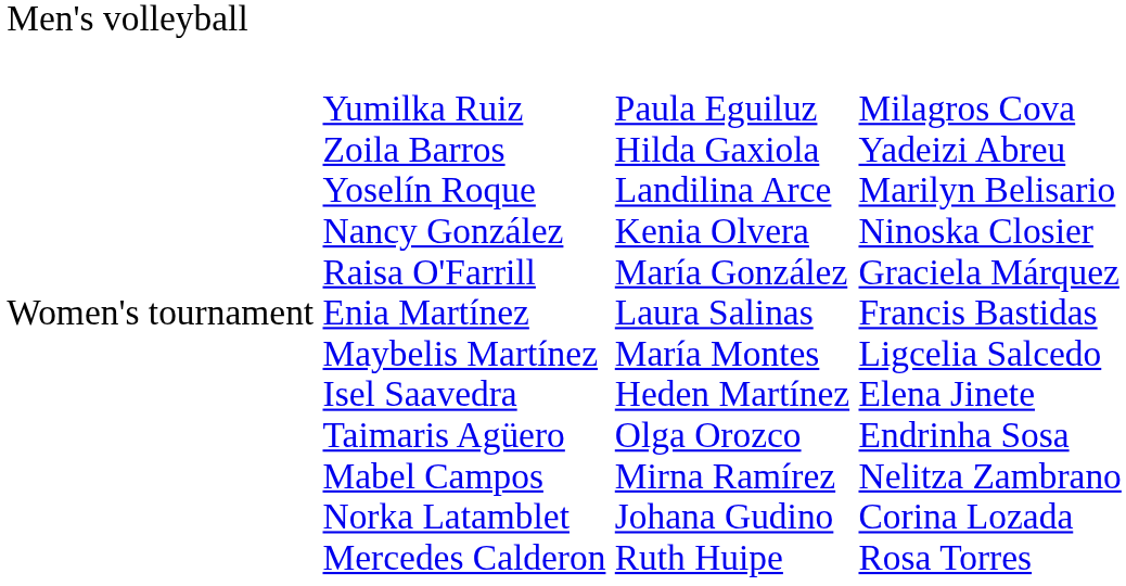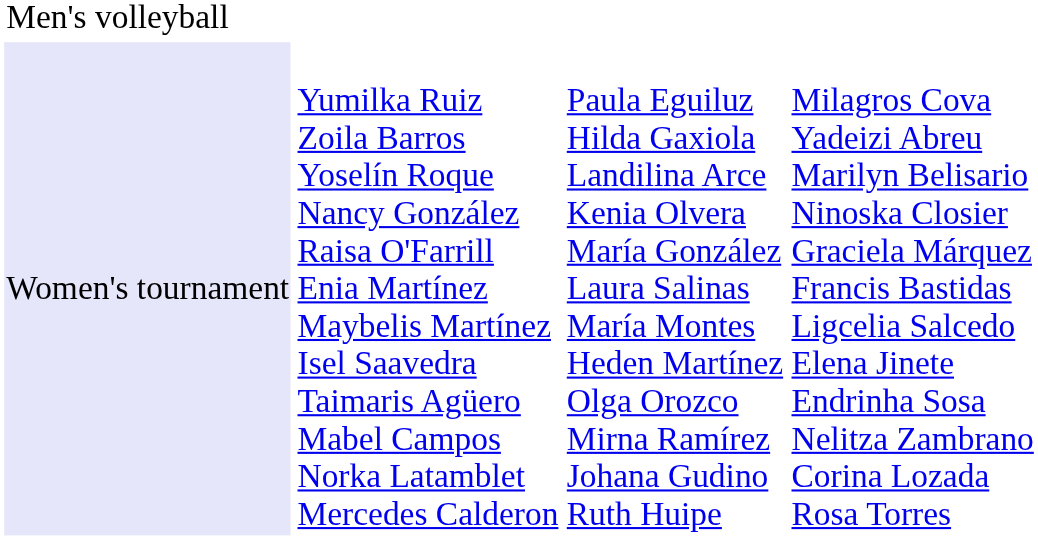 <table>
 <tr>
 <td>Men's volleyball</td>
 <td></td>
 <td></td>
 <td></td>
 </tr>
 <tr>
-<td>Women's tournament</td>
+<td style="background: lavender;">Women's tournament</td>
 <td><br><a href='#'>Yumilka Ruiz</a><br><a href='#'>Zoila Barros</a><br><a href='#'>Yoselín Roque</a><br><a href='#'>Nancy González</a><br><a href='#'>Raisa O'Farrill</a><br><a href='#'>Enia Martínez</a><br><a href='#'>Maybelis Martínez</a><br><a href='#'>Isel Saavedra</a><br><a href='#'>Taimaris Agüero</a><br><a href='#'>Mabel Campos</a><br><a href='#'>Norka Latamblet</a><br><a href='#'>Mercedes Calderon</a></td>
 <td><br><a href='#'>Paula Eguiluz</a><br><a href='#'>Hilda Gaxiola</a><br><a href='#'>Landilina Arce</a><br><a href='#'>Kenia Olvera</a><br><a href='#'>María González</a><br><a href='#'>Laura Salinas</a><br><a href='#'>María Montes</a><br><a href='#'>Heden Martínez</a><br><a href='#'>Olga Orozco</a><br><a href='#'>Mirna Ramírez</a><br><a href='#'>Johana Gudino</a><br><a href='#'>Ruth Huipe</a></td>
 <td><br><a href='#'>Milagros Cova</a><br><a href='#'>Yadeizi Abreu</a><br><a href='#'>Marilyn Belisario</a><br><a href='#'>Ninoska Closier</a><br><a href='#'>Graciela Márquez</a><br><a href='#'>Francis Bastidas</a><br><a href='#'>Ligcelia Salcedo</a><br><a href='#'>Elena Jinete</a><br><a href='#'>Endrinha Sosa</a><br><a href='#'>Nelitza Zambrano</a><br><a href='#'>Corina Lozada</a><br><a href='#'>Rosa Torres</a></td>
 </tr>
 </table>
